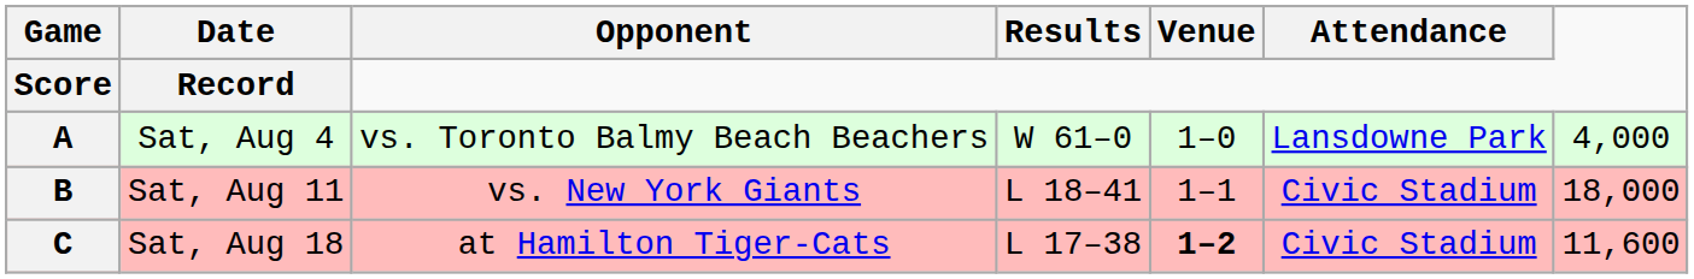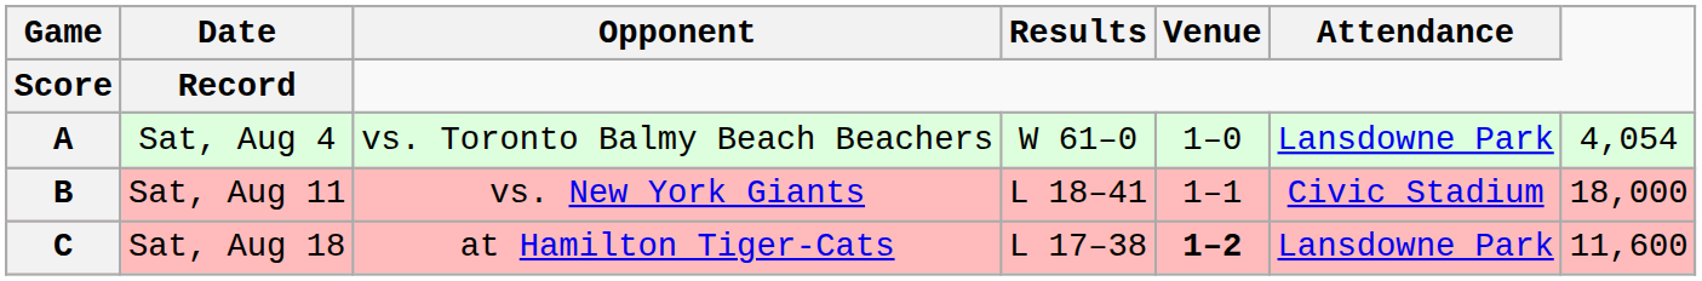 <table class="wikitable" style="text-align:center">
 <tr>
 <th>Game</th>
 <th>Date</th>
 <th>Opponent</th>
 <th>Results</th>
 <th>Venue</th>
 <th>Attendance</th>
 </tr>
 <tr>
 <th>Score</th>
 <th>Record</th>
 </tr>
 <tr style="background:#ddffdd">
 <th>A</th>
 <td>Sat, Aug 4</td>
 <td>vs. Toronto Balmy Beach Beachers</td>
 <td>W 61–0</td>
 <td>1–0</td>
 <td><a href='#'>Lansdowne Park</a></td>
-<td>4,000</td>
+<td>4,054</td>
 </tr>
 <tr style="background:#ffbbbb">
 <th>B</th>
 <td>Sat, Aug 11</td>
 <td>vs. <a href='#'>New York Giants</a></td>
 <td>L 18–41</td>
 <td>1–1</td>
 <td><a href='#'>Civic Stadium</a></td>
 <td>18,000</td>
 </tr>
 <tr style="background:#ffbbbb">
 <th>C</th>
 <td>Sat, Aug 18</td>
 <td>at <a href='#'>Hamilton Tiger-Cats</a></td>
 <td>L 17–38</td>
 <td><strong>1–2</strong></td>
-<td><a href='#'>Civic Stadium</a></td>
+<td><a href='#'>Lansdowne Park</a></td>
 <td>11,600</td>
 </tr>
 </table>
